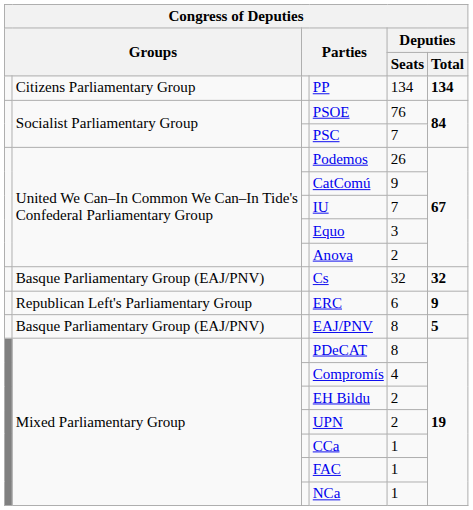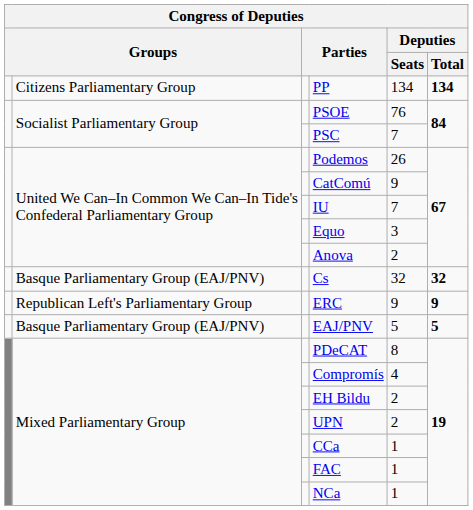 <table class="wikitable" style="text-align:left;">
 <tr>
 <th colspan="6">Congress of Deputies</th>
 </tr>
 <tr>
 <th rowspan="2" colspan="2">Groups</th>
 <th rowspan="2" colspan="2">Parties</th>
 <th colspan="2">Deputies</th>
 </tr>
 <tr>
 <th>Seats</th>
 <th>Total</th>
 </tr>
 <tr>
 <td width="1" style="color:inherit;background:"></td>
 <td>Citizens Parliamentary Group</td>
 <td width="1" style="color:inherit;background:"></td>
 <td><a href='#'>PP</a></td>
 <td>134</td>
 <td><strong>134</strong></td>
 </tr>
 <tr>
 <td rowspan="2" style="color:inherit;background:"></td>
 <td rowspan="2">Socialist Parliamentary Group</td>
 <td style="color:inherit;background:"></td>
 <td><a href='#'>PSOE</a></td>
 <td>76</td>
 <td rowspan="2"><strong>84</strong></td>
 </tr>
 <tr>
 <td style="color:inherit;background:"></td>
 <td><a href='#'>PSC</a></td>
 <td>7</td>
 </tr>
 <tr>
 <td rowspan="5" style="color:inherit;background:"></td>
 <td rowspan="5">United We Can–In Common We Can–In Tide's<br>Confederal Parliamentary Group</td>
 <td style="color:inherit;background:"></td>
 <td><a href='#'>Podemos</a></td>
 <td>26</td>
 <td rowspan="5"><strong>67</strong></td>
 </tr>
 <tr>
 <td style="color:inherit;background:"></td>
 <td><a href='#'>CatComú</a></td>
 <td>9</td>
 </tr>
 <tr>
 <td style="color:inherit;background:"></td>
 <td><a href='#'>IU</a></td>
 <td>7</td>
 </tr>
 <tr>
 <td style="color:inherit;background:"></td>
 <td><a href='#'>Equo</a></td>
 <td>3</td>
 </tr>
 <tr>
 <td style="color:inherit;background:"></td>
 <td><a href='#'>Anova</a></td>
 <td>2</td>
 </tr>
 <tr>
 <td style="color:inherit;background:"></td>
 <td>Basque Parliamentary Group (EAJ/PNV)</td>
 <td style="color:inherit;background:"></td>
 <td><a href='#'>Cs</a></td>
 <td>32</td>
 <td><strong>32</strong></td>
 </tr>
 <tr>
 <td style="color:inherit;background:"></td>
 <td>Republican Left's Parliamentary Group</td>
 <td style="color:inherit;background:"></td>
 <td><a href='#'>ERC</a></td>
-<td>6</td>
+<td>9</td>
 <td><strong>9</strong></td>
 </tr>
 <tr>
 <td style="color:inherit;background:"></td>
 <td>Basque Parliamentary Group (EAJ/PNV)</td>
 <td style="color:inherit;background:"></td>
 <td><a href='#'>EAJ/PNV</a></td>
-<td>8</td>
+<td>5</td>
 <td><strong>5</strong></td>
 </tr>
 <tr>
 <td rowspan="7" bgcolor="gray"></td>
 <td rowspan="7">Mixed Parliamentary Group</td>
 <td style="color:inherit;background:"></td>
 <td><a href='#'>PDeCAT</a></td>
 <td>8</td>
 <td rowspan="7"><strong>19</strong></td>
 </tr>
 <tr>
 <td style="color:inherit;background:"></td>
 <td><a href='#'>Compromís</a></td>
 <td>4</td>
 </tr>
 <tr>
 <td style="color:inherit;background:"></td>
 <td><a href='#'>EH Bildu</a></td>
 <td>2</td>
 </tr>
 <tr>
 <td style="color:inherit;background:"></td>
 <td><a href='#'>UPN</a></td>
 <td>2</td>
 </tr>
 <tr>
 <td style="color:inherit;background:"></td>
 <td><a href='#'>CCa</a></td>
 <td>1</td>
 </tr>
 <tr>
 <td style="color:inherit;background:"></td>
 <td><a href='#'>FAC</a></td>
 <td>1</td>
 </tr>
 <tr>
 <td style="color:inherit;background:"></td>
 <td><a href='#'>NCa</a></td>
 <td>1</td>
 </tr>
 </table>
